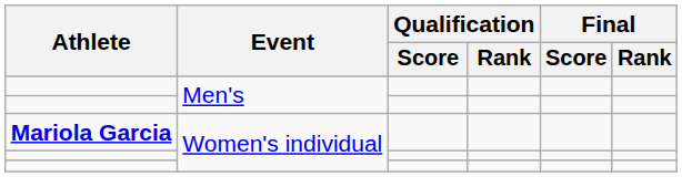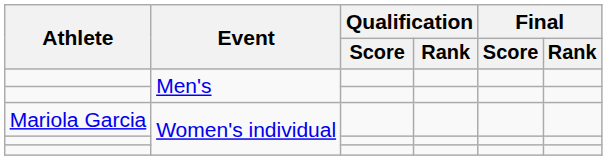 <table class=wikitable style=font-size:90%;text-align:center>
 <tr>
 <th rowspan=2>Athlete</th>
 <th rowspan=2>Event</th>
 <th colspan=2>Qualification</th>
 <th colspan=2>Final</th>
 </tr>
 <tr style=font-size:95%>
 <th>Score</th>
 <th>Rank</th>
 <th>Score</th>
 <th>Rank</th>
 </tr>
 <tr>
 <td align=left></td>
 <td align=left rowspan=2><a href='#'>Men's</a></td>
 <td></td>
 <td></td>
 <td></td>
 <td></td>
 </tr>
 <tr>
 <td align=left></td>
 <td></td>
 <td></td>
 <td></td>
 <td></td>
 </tr>
 <tr>
-<td align="left"><strong><a href='#'>Mariola Garcia</a></strong></td>
+<td align="left"><a href='#'>Mariola Garcia</a></td>
 <td align="left" rowspan=3><a href='#'>Women's individual</a></td>
 <td></td>
 <td></td>
 <td></td>
 <td></td>
 </tr>
 <tr>
 <td align=left></td>
 <td></td>
 <td></td>
 <td></td>
 <td></td>
 </tr>
 <tr>
 <td align=left></td>
 <td></td>
 <td></td>
 <td></td>
 <td></td>
 </tr>
 </table>
